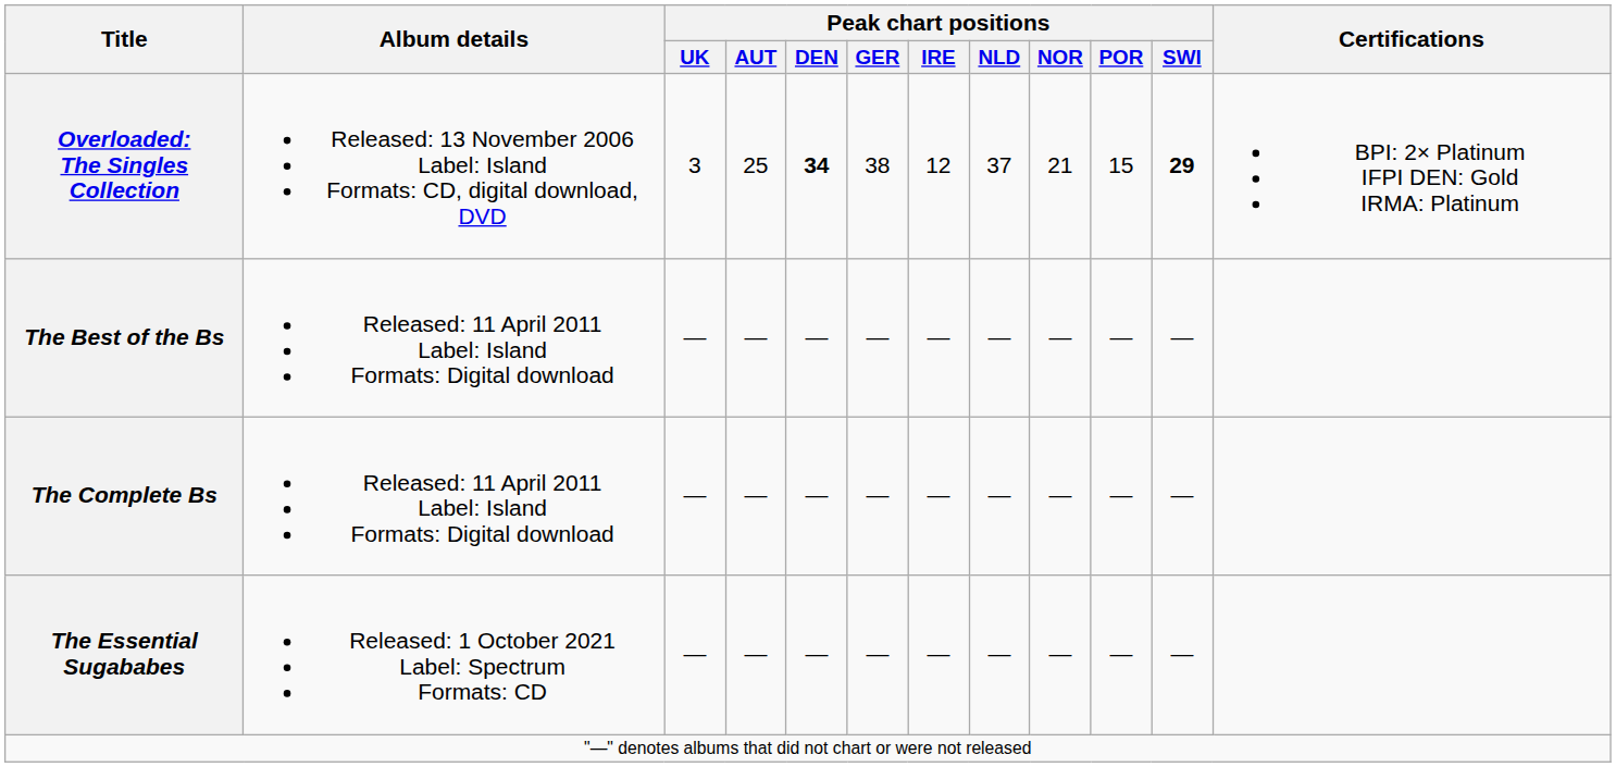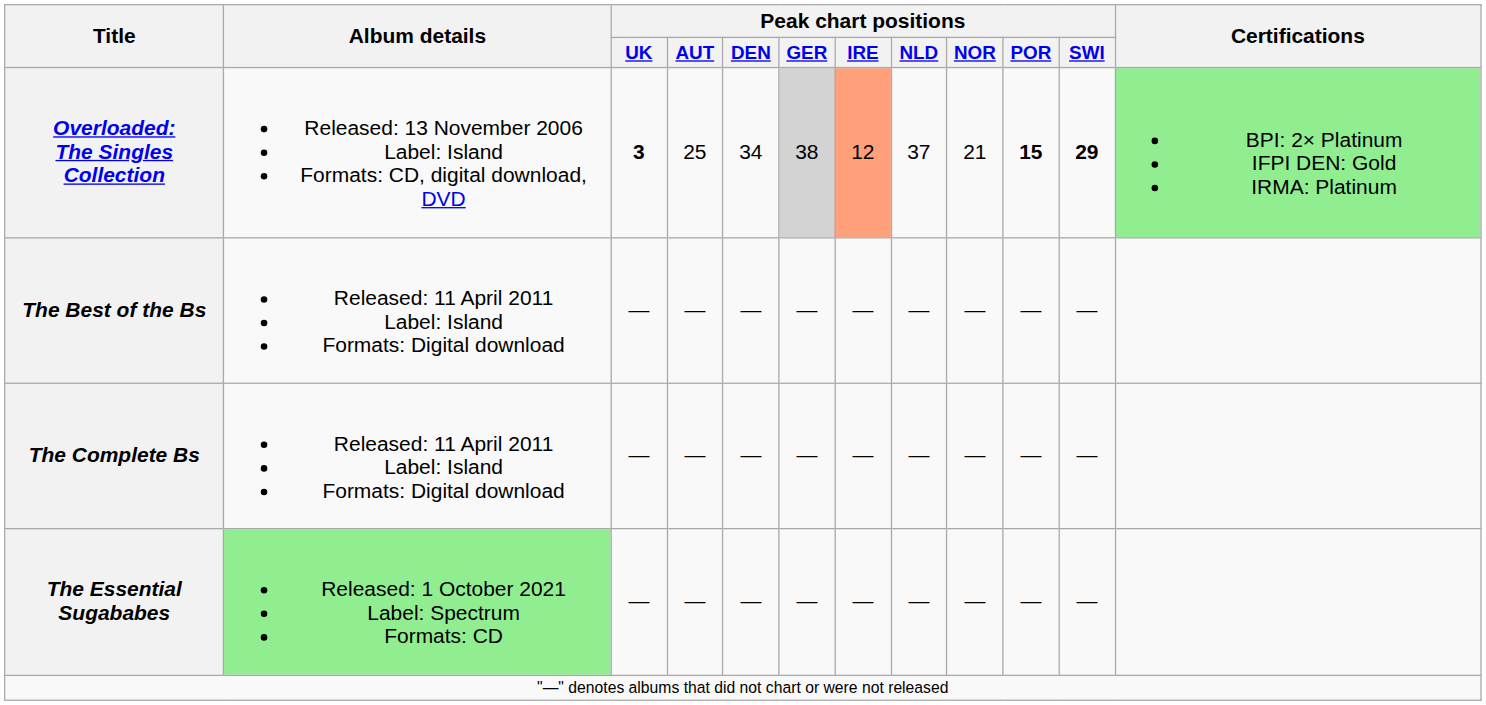 <table class="wikitable plainrowheaders" style="text-align:center;">
 <tr>
 <th scope="col" rowspan="2" style="width:10em;">Title</th>
 <th scope="col" rowspan="2" style="width:18em;">Album details</th>
 <th scope="col" colspan="9">Peak chart positions</th>
 <th scope="col" rowspan="2" style="width:17em;">Certifications</th>
 </tr>
 <tr>
 <th scope="col" style="width:2.5em;font-size:90%;"><a href='#'>UK</a><br></th>
 <th scope="col" style="width:2.5em;font-size:90%;"><a href='#'>AUT</a><br></th>
 <th scope="col" style="width:2.5em;font-size:90%;"><a href='#'>DEN</a><br></th>
 <th scope="col" style="width:2.5em;font-size:90%;"><a href='#'>GER</a><br></th>
 <th scope="col" style="width:2.5em;font-size:90%;"><a href='#'>IRE</a><br></th>
 <th scope="col" style="width:2.5em;font-size:90%;"><a href='#'>NLD</a><br></th>
 <th scope="col" style="width:2.5em;font-size:90%;"><a href='#'>NOR</a><br></th>
 <th scope="col" style="width:2.5em;font-size:90%;"><a href='#'>POR</a><br></th>
 <th scope="col" style="width:2.5em;font-size:90%;"><a href='#'>SWI</a><br></th>
 </tr>
 <tr>
 <th scope="row"><em><a href='#'>Overloaded:<br>The Singles Collection</a></em></th>
 <td><br><ul><li>Released: 13 November 2006</li><li>Label: Island</li><li>Formats: CD, digital download, <a href='#'>DVD</a></li></ul></td>
-<td>3</td>
+<td><strong>3</strong></td>
 <td>25</td>
-<td><strong>34</strong></td>
-<td>38</td>
-<td>12</td>
+<td>34</td>
+<td style="background: lightgrey;">38</td>
+<td style="background: lightsalmon;">12</td>
 <td>37</td>
 <td>21</td>
-<td>15</td>
+<td><strong>15</strong></td>
 <td><strong>29</strong></td>
-<td><br><ul><li>BPI: 2× Platinum</li><li>IFPI DEN: Gold</li><li>IRMA: Platinum</li></ul></td>
+<td style="background: lightgreen;"><br><ul><li>BPI: 2× Platinum</li><li>IFPI DEN: Gold</li><li>IRMA: Platinum</li></ul></td>
 </tr>
 <tr>
 <th scope="row"><em>The Best of the Bs</em></th>
 <td><br><ul><li>Released: 11 April 2011</li><li>Label: Island</li><li>Formats: Digital download</li></ul></td>
 <td>—</td>
 <td>—</td>
 <td>—</td>
 <td>—</td>
 <td>—</td>
 <td>—</td>
 <td>—</td>
 <td>—</td>
 <td>—</td>
 <td></td>
 </tr>
 <tr>
 <th scope="row"><em>The Complete Bs</em></th>
 <td><br><ul><li>Released: 11 April 2011</li><li>Label: Island</li><li>Formats: Digital download</li></ul></td>
 <td>—</td>
 <td>—</td>
 <td>—</td>
 <td>—</td>
 <td>—</td>
 <td>—</td>
 <td>—</td>
 <td>—</td>
 <td>—</td>
 <td></td>
 </tr>
 <tr>
 <th scope="row"><em>The Essential Sugababes</em></th>
-<td><br><ul><li>Released: 1 October 2021</li><li>Label: Spectrum</li><li>Formats: CD</li></ul></td>
+<td style="background: lightgreen;"><br><ul><li>Released: 1 October 2021</li><li>Label: Spectrum</li><li>Formats: CD</li></ul></td>
 <td>—</td>
 <td>—</td>
 <td>—</td>
 <td>—</td>
 <td>—</td>
 <td>—</td>
 <td>—</td>
 <td>—</td>
 <td>—</td>
 <td></td>
 </tr>
 <tr>
 <td colspan="14" style="font-size:9pt">"—" denotes albums that did not chart or were not released</td>
 </tr>
 </table>
